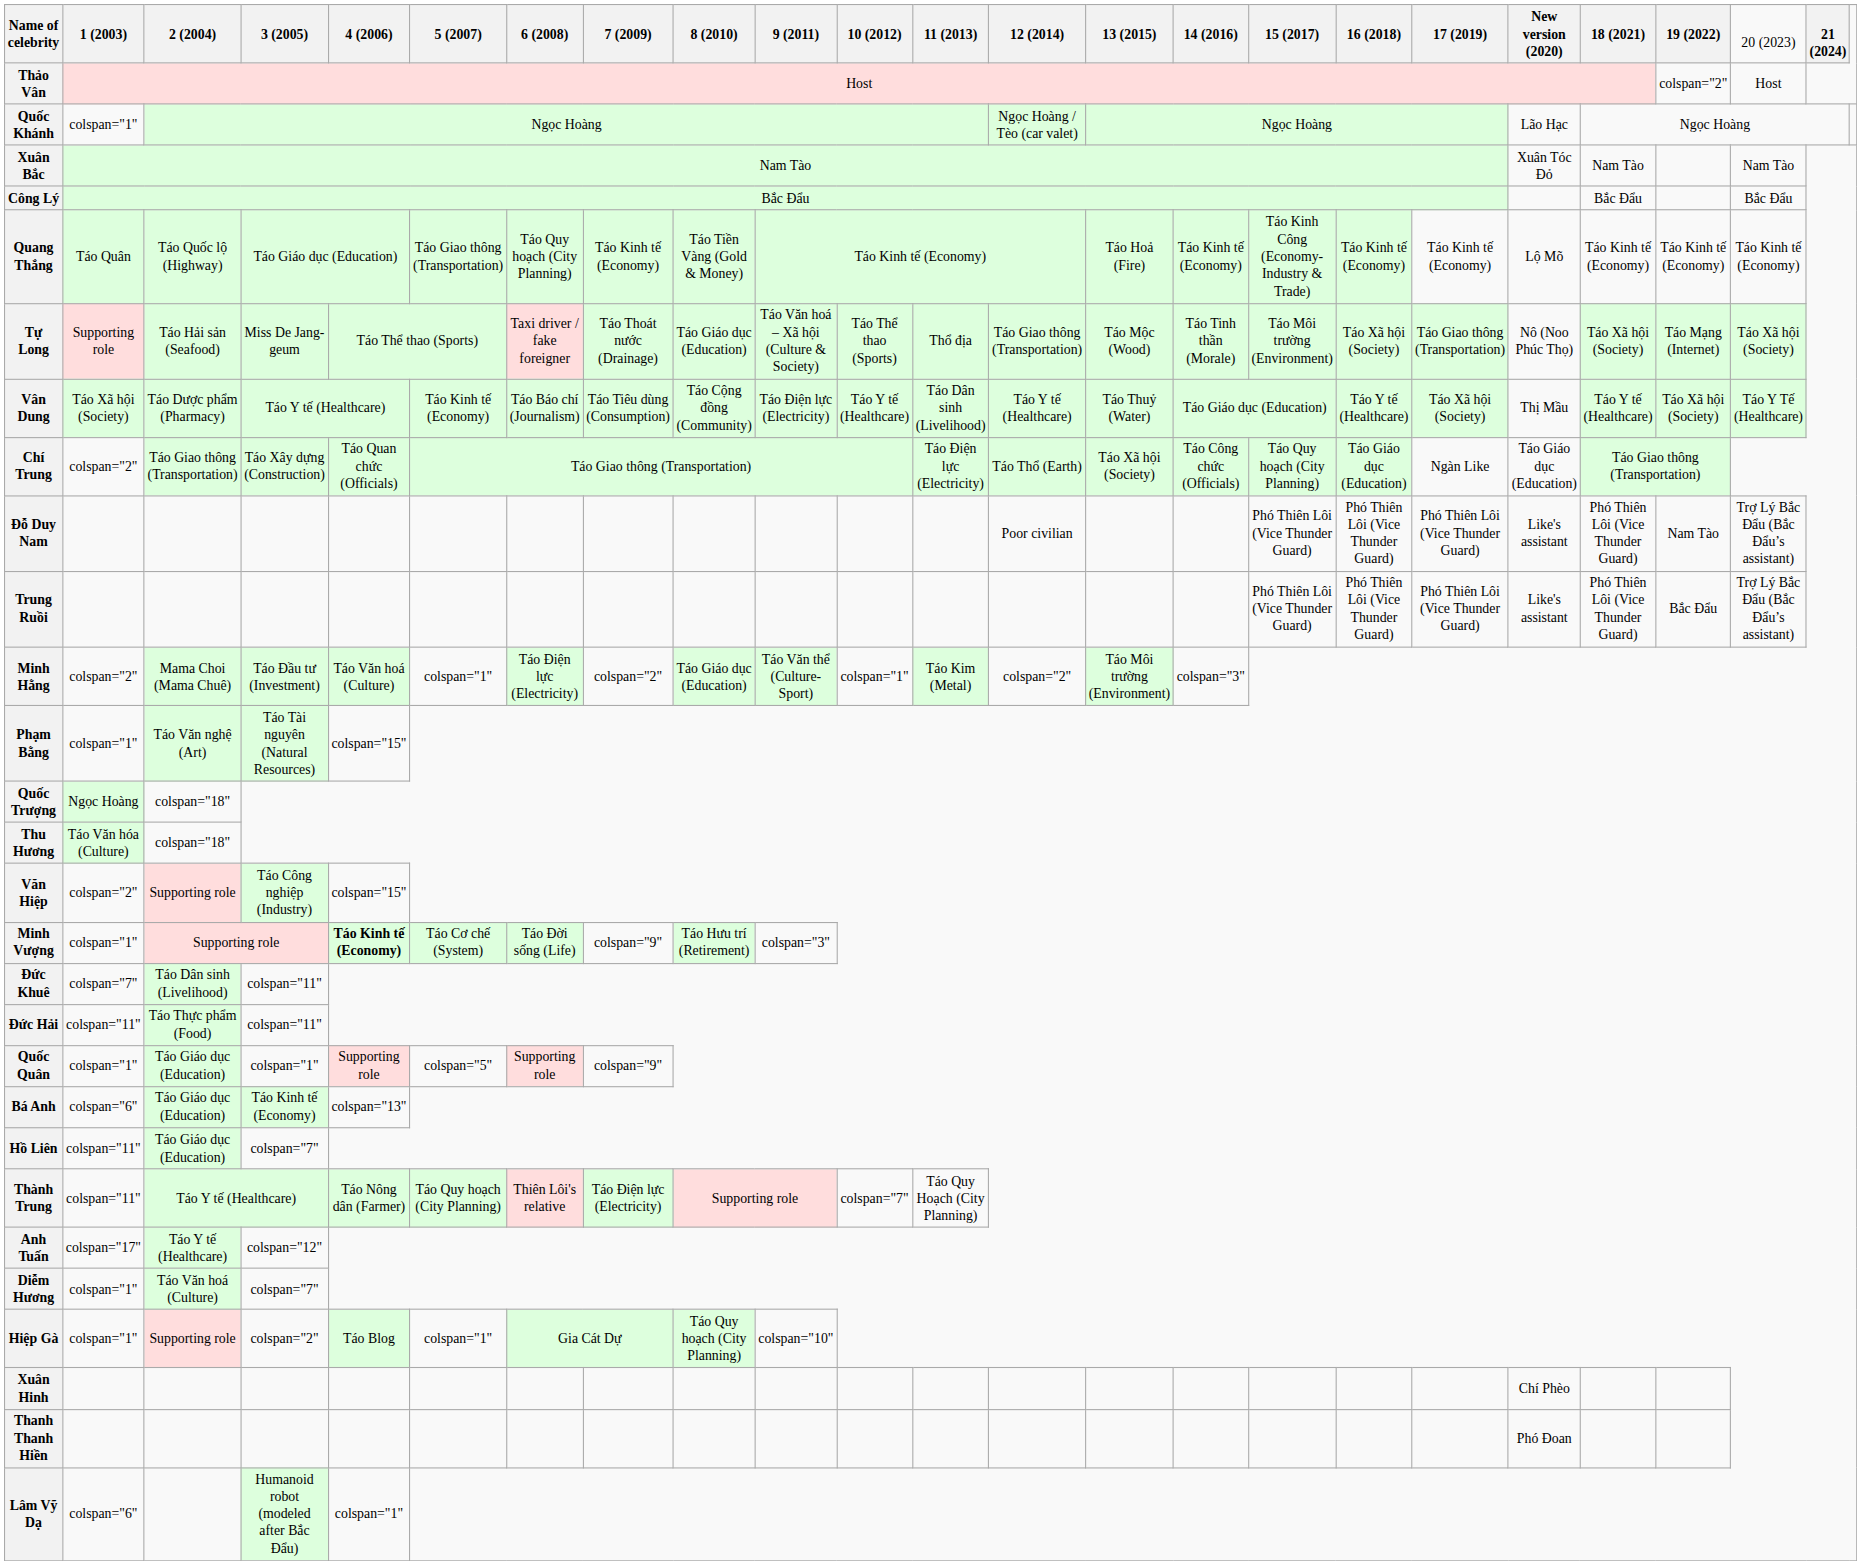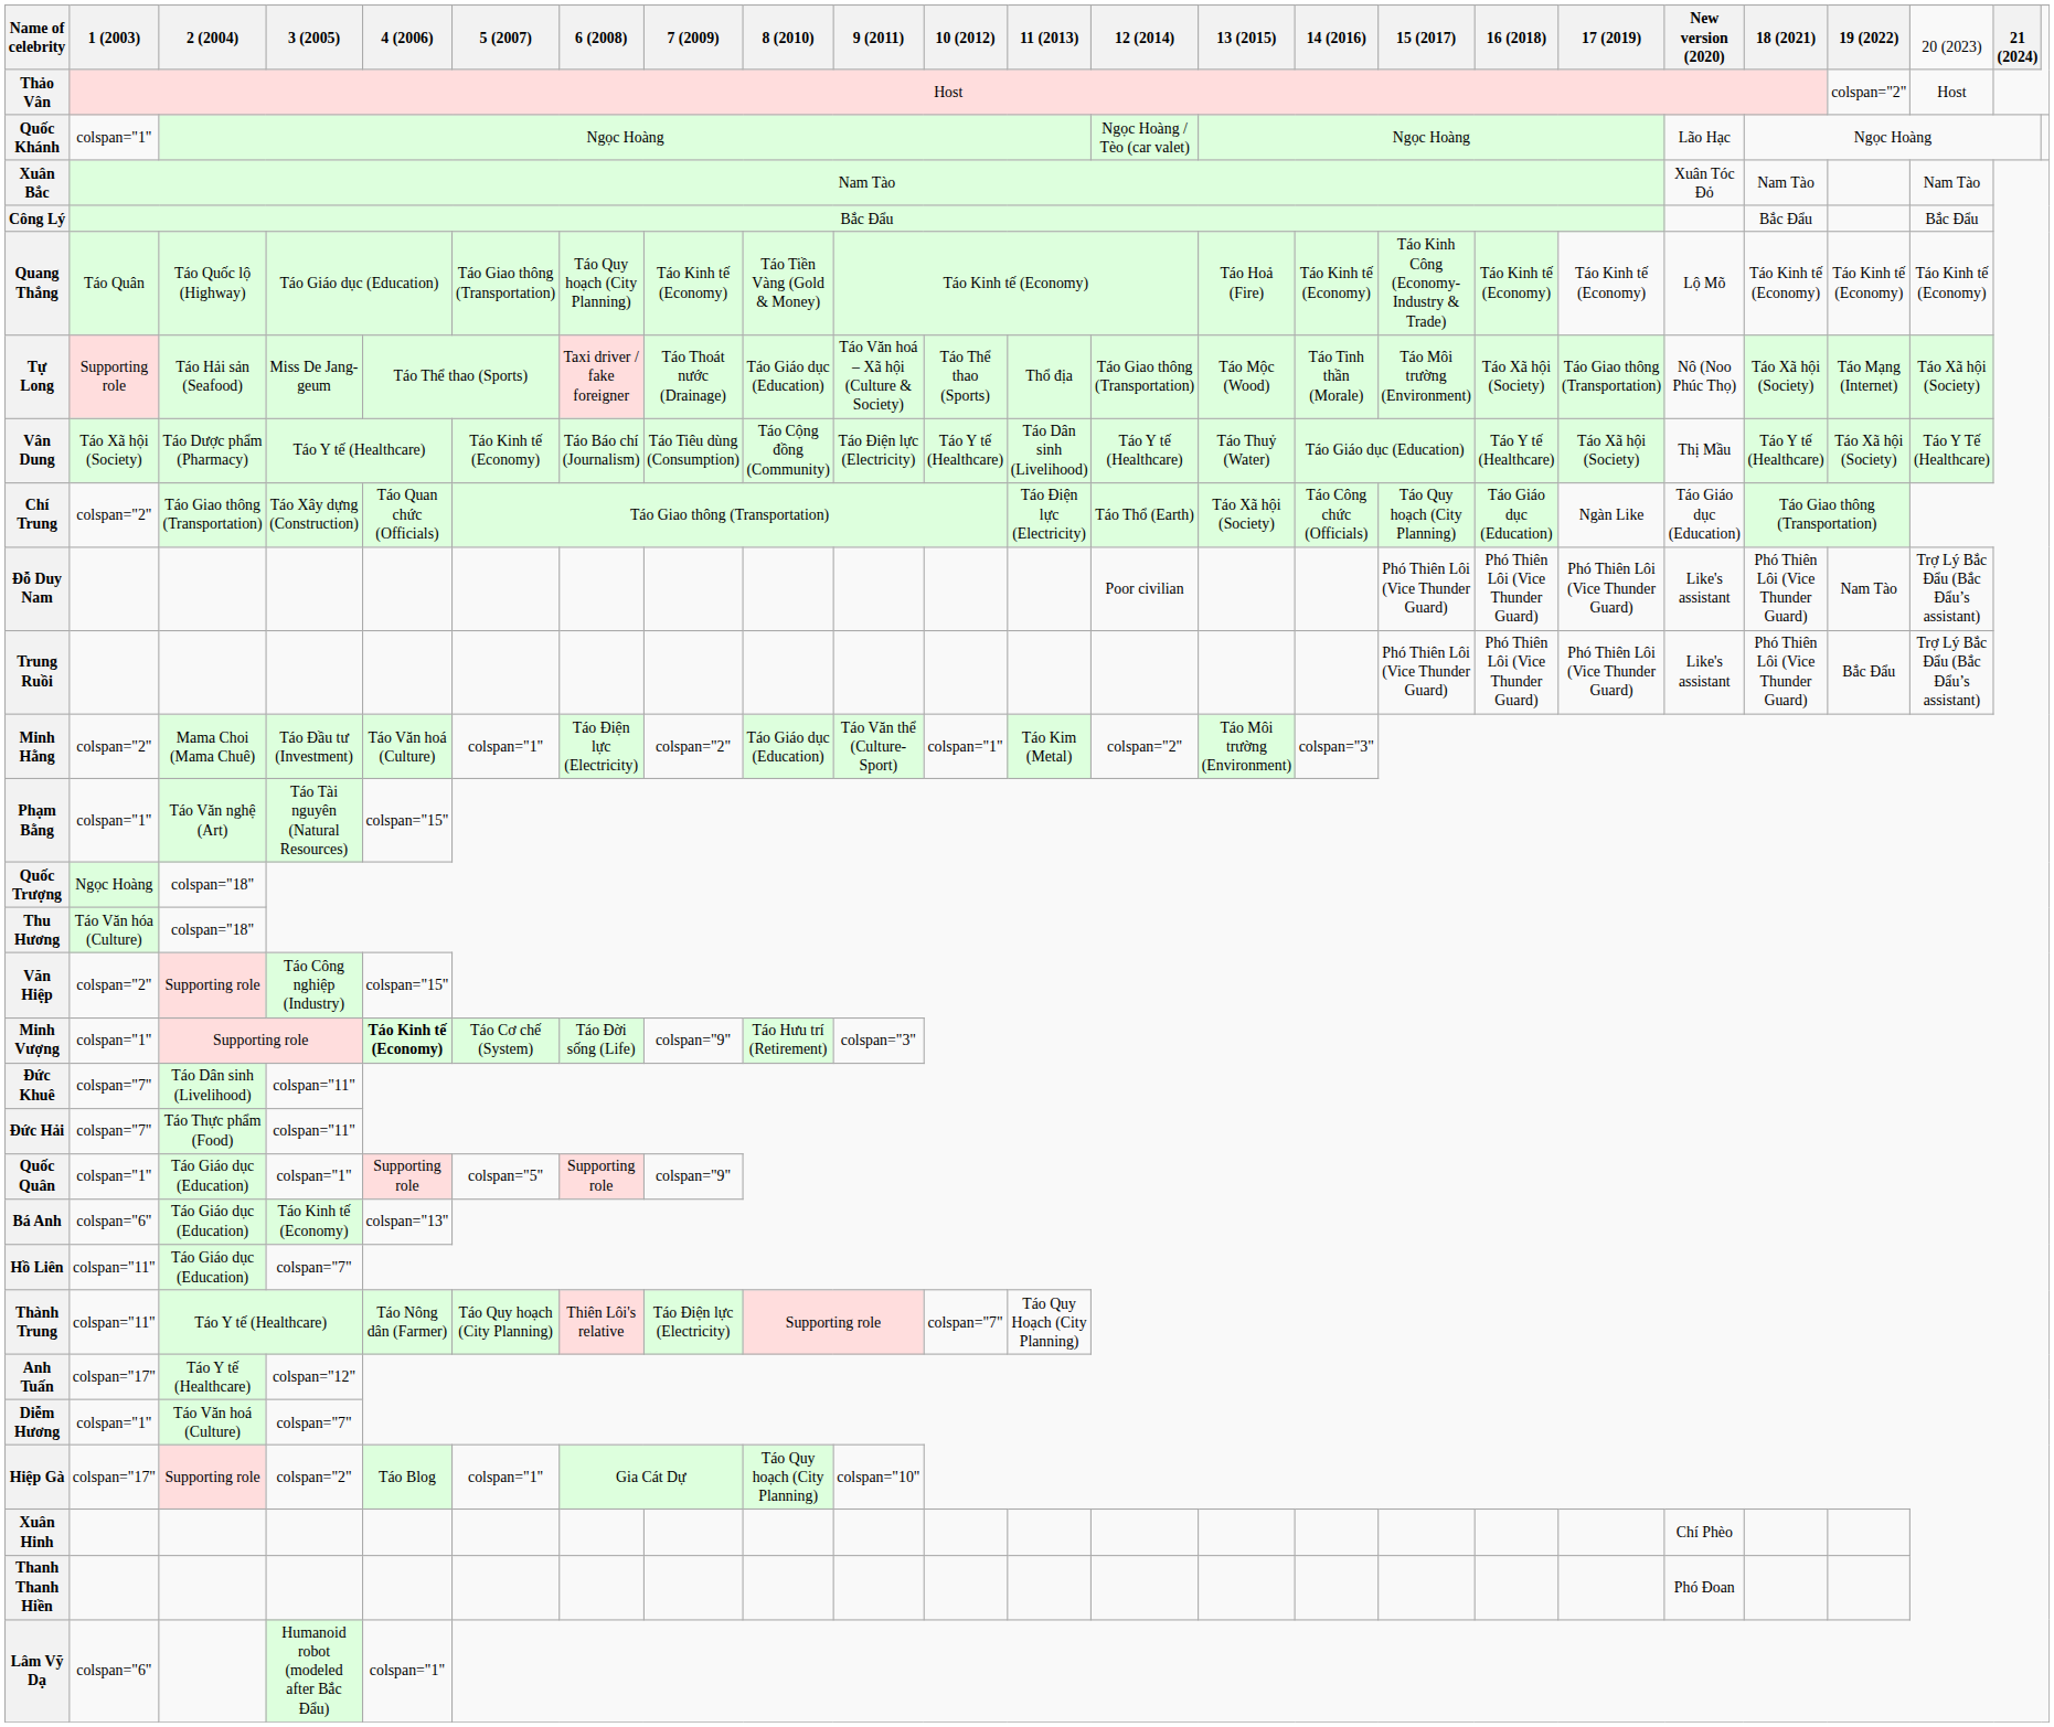 <table class="wikitable"  style="text-align:center; font-size:80%; line-height:16px; width:100%;">
 <tr>
 <th style="width:5%;" scope="col">Name of celebrity</th>
 <th style="width:5%;" scope="col">1 (2003)</th>
 <th style="width:5%;" scope="col">2 (2004)</th>
 <th style="width:5%;" scope="col">3 (2005)</th>
 <th style="width:5%;" scope="col">4 (2006)</th>
 <th style="width:5%;" scope="col">5 (2007)</th>
 <th style="width:5%;" scope="col">6 (2008)</th>
 <th style="width:5%;" scope="col">7 (2009)</th>
 <th style="width:5%;" scope="col">8 (2010)</th>
 <th style="width:5%;" scope="col">9 (2011)</th>
 <th style="width:5%;" scope="col">10 (2012)</th>
 <th style="width:5%;" scope="col">11 (2013)</th>
 <th style="width:5%;" scope="col">12 (2014)</th>
 <th style="width:5%;" scope="col">13 (2015)</th>
 <th style="width:5%;" scope="col">14 (2016)</th>
 <th style="width:5%;" scope="col">15 (2017)</th>
 <th style="width:5%;" scope="col">16 (2018)</th>
 <th style="width:5%;" scope="col">17 (2019)</th>
 <th>New version (2020)</th>
 <th style="width:5%;" scope="col">18 (2021)</th>
 <th style="width:5%;" scope="col">19 (2022)</th>
 <td style=“width:5%;” scope=“col”><br>20 (2023)</td>
 <th style=“width:5%;” scope=“col”><br>21 (2024)</th>
 </tr>
 <tr>
 <th>Thảo Vân</th>
 <td colspan="19" style="background:#fdd;">Host</td>
 <td>colspan="2" </td>
 <td>Host</td>
 </tr>
 <tr>
 <th>Quốc Khánh</th>
 <td>colspan="1" </td>
 <td style="background:#dfd;" colspan="10">Ngọc Hoàng</td>
 <td style="background:#dfd;">Ngọc Hoàng / Tèo (car valet)</td>
 <td colspan="5" style="background:#dfd;">Ngọc Hoàng</td>
 <td>Lão Hạc</td>
 <td colspan="4">Ngọc Hoàng</td>
 <td></td>
 </tr>
 <tr>
 <th>Xuân Bắc</th>
 <td colspan="17" style="background:#dfd;">Nam Tào</td>
 <td>Xuân Tóc Đỏ</td>
 <td Nam Tào>Nam Tào</td>
 <td></td>
 <td>Nam Tào</td>
 </tr>
 <tr>
 <th>Công Lý</th>
 <td colspan="17" style="background:#dfd;">Bắc Đẩu</td>
 <td></td>
 <td Bắc Đẩu>Bắc Đẩu</td>
 <td></td>
 <td>Bắc Đẩu</td>
 </tr>
 <tr>
 <th>Quang Thắng</th>
 <td style="background:#dfd;">Táo Quân</td>
 <td style="background:#dfd;">Táo Quốc lộ (Highway)</td>
 <td style="background:#dfd;" colspan="2">Táo Giáo dục (Education)</td>
 <td style="background:#dfd;">Táo Giao thông (Transportation)</td>
 <td style="background:#dfd;">Táo Quy hoạch (City Planning)</td>
 <td style="background:#dfd;">Táo Kinh tế (Economy)</td>
 <td style="background:#dfd;">Táo Tiền Vàng (Gold & Money)</td>
 <td style="background:#dfd;" colspan="4">Táo Kinh tế (Economy)</td>
 <td style="background:#dfd;">Táo Hoả (Fire)</td>
 <td style="background:#dfd;">Táo Kinh tế (Economy)</td>
 <td style="background:#dfd;">Táo Kinh Công (Economy-Industry & Trade)</td>
 <td style="background:#dfd;">Táo Kinh tế (Economy)</td>
 <td>Táo Kinh tế (Economy)</td>
 <td>Lộ Mõ</td>
 <td>Táo Kinh tế (Economy)</td>
 <td>Táo Kinh tế (Economy)</td>
 <td>Táo Kinh tế (Economy)</td>
 </tr>
 <tr>
 <th>Tự Long</th>
 <td style="background:#fdd;">Supporting role</td>
 <td style="background:#dfd;">Táo Hải sản (Seafood)</td>
 <td style="background:#dfd;">Miss De Jang-geum</td>
 <td style="background:#dfd;" colspan="2">Táo Thể thao (Sports)</td>
 <td style="background:#fdd;">Taxi driver / fake foreigner</td>
 <td style="background:#dfd;">Táo Thoát nước (Drainage)</td>
 <td style="background:#dfd;">Táo Giáo dục (Education)</td>
 <td style="background:#dfd;">Táo Văn hoá – Xã hội (Culture & Society)</td>
 <td style="background:#dfd;">Táo Thể thao (Sports)</td>
 <td style="background:#dfd;">Thổ địa</td>
 <td style="background:#dfd;">Táo Giao thông (Transportation)</td>
 <td style="background:#dfd;">Táo Mộc (Wood)</td>
 <td style="background:#dfd;">Táo Tinh thần (Morale)</td>
 <td style="background:#dfd;">Táo Môi trường (Environment)</td>
 <td style="background:#dfd;">Táo Xã hội (Society)</td>
 <td style="background:#dfd;">Táo Giao thông (Transportation)</td>
 <td>Nô (Noo Phúc Thọ)</td>
 <td style="background:#dfd;">Táo Xã hội (Society)</td>
 <td style="background:#dfd;">Táo Mạng (Internet)</td>
 <td style="background:#dfd;">Táo Xã hội (Society)</td>
 </tr>
 <tr>
 <th>Vân Dung</th>
 <td style="background:#dfd;">Táo Xã hội (Society)</td>
 <td style="background:#dfd;">Táo Dược phẩm (Pharmacy)</td>
 <td style="background:#dfd;" colspan="2">Táo Y tế (Healthcare)</td>
 <td style="background:#dfd;">Táo Kinh tế (Economy)</td>
 <td style="background:#dfd;">Táo Báo chí (Journalism)</td>
 <td style="background:#dfd;">Táo Tiêu dùng (Consumption)</td>
 <td style="background:#dfd;">Táo Cộng đồng (Community)</td>
 <td style="background:#dfd;">Táo Điện lực (Electricity)</td>
 <td style="background:#dfd;">Táo Y tế (Healthcare)</td>
 <td style="background:#dfd;">Táo Dân sinh (Livelihood)</td>
 <td style="background:#dfd;">Táo Y tế (Healthcare)</td>
 <td style="background:#dfd;">Táo Thuỷ (Water)</td>
 <td style="background:#dfd;" colspan="2">Táo Giáo dục (Education)</td>
 <td style="background:#dfd;">Táo Y tế (Healthcare)</td>
 <td style="background:#dfd;">Táo Xã hội (Society)</td>
 <td>Thị Mầu</td>
 <td style="background:#dfd;">Táo Y tế (Healthcare)</td>
 <td style="background:#dfd;">Táo Xã hội (Society)</td>
 <td style="background:#dfd;">Táo Y Tế (Healthcare)</td>
 </tr>
 <tr>
 <th>Chí Trung</th>
 <td>colspan="2" </td>
 <td style="background:#dfd;">Táo Giao thông (Transportation)</td>
 <td style="background:#dfd;">Táo Xây dựng (Construction)</td>
 <td style="background:#dfd;">Táo Quan chức (Officials)</td>
 <td style="background:#dfd;" colspan="6">Táo Giao thông (Transportation)</td>
 <td style="background:#dfd;">Táo Điện lực (Electricity)</td>
 <td style="background:#dfd;">Táo Thổ (Earth)</td>
 <td style="background:#dfd;">Táo Xã hội (Society)</td>
 <td style="background:#dfd;">Táo Công chức (Officials)</td>
 <td style="background:#dfd;">Táo Quy hoạch (City Planning)</td>
 <td style="background:#dfd;">Táo Giáo dục (Education)</td>
 <td>Ngàn Like</td>
 <td>Táo Giáo dục (Education)</td>
 <td colspan="2" style="background:#dfd;">Táo Giao thông (Transportation)</td>
 </tr>
 <tr>
 <th>Đỗ Duy Nam</th>
 <td></td>
 <td></td>
 <td></td>
 <td></td>
 <td></td>
 <td></td>
 <td></td>
 <td></td>
 <td></td>
 <td></td>
 <td></td>
 <td>Poor civilian</td>
 <td></td>
 <td></td>
 <td>Phó Thiên Lôi (Vice Thunder Guard)</td>
 <td>Phó Thiên Lôi (Vice Thunder Guard)</td>
 <td>Phó Thiên Lôi (Vice Thunder Guard)</td>
 <td>Like's assistant</td>
 <td>Phó Thiên Lôi (Vice Thunder Guard)</td>
 <td>Nam Tào</td>
 <td>Trợ Lý Bắc Đẩu (Bắc Đẩu’s assistant)</td>
 </tr>
 <tr>
 <th>Trung Ruồi</th>
 <td></td>
 <td></td>
 <td></td>
 <td></td>
 <td></td>
 <td></td>
 <td></td>
 <td></td>
 <td></td>
 <td></td>
 <td></td>
 <td></td>
 <td></td>
 <td></td>
 <td>Phó Thiên Lôi (Vice Thunder Guard)</td>
 <td>Phó Thiên Lôi (Vice Thunder Guard)</td>
 <td>Phó Thiên Lôi (Vice Thunder Guard)</td>
 <td>Like's assistant</td>
 <td>Phó Thiên Lôi (Vice Thunder Guard)</td>
 <td>Bắc Đẩu</td>
 <td>Trợ Lý Bắc Đẩu (Bắc Đẩu’s assistant)</td>
 </tr>
 <tr>
 <th>Minh Hằng</th>
 <td>colspan="2" </td>
 <td style="background:#dfd;">Mama Choi (Mama Chuê)</td>
 <td style="background:#dfd;">Táo Đầu tư (Investment)</td>
 <td style="background:#dfd;">Táo Văn hoá (Culture)</td>
 <td>colspan="1" </td>
 <td style="background:#dfd;">Táo Điện lực (Electricity)</td>
 <td>colspan="2" </td>
 <td style="background:#dfd;">Táo Giáo dục (Education)</td>
 <td style="background:#dfd;">Táo Văn thể (Culture-Sport)</td>
 <td>colspan="1" </td>
 <td style="background:#dfd;">Táo Kim (Metal)</td>
 <td>colspan="2" </td>
 <td style="background:#dfd;">Táo Môi trường (Environment)</td>
 <td>colspan="3" </td>
 </tr>
 <tr>
 <th>Phạm Bằng</th>
 <td>colspan="1" </td>
 <td style="background:#dfd;">Táo Văn nghệ (Art)</td>
 <td style="background:#dfd;">Táo Tài nguyên (Natural Resources)</td>
 <td>colspan="15" </td>
 </tr>
 <tr>
 <th>Quốc Trượng</th>
 <td style="background:#dfd;">Ngọc Hoàng</td>
 <td>colspan="18" </td>
 </tr>
 <tr>
 <th>Thu Hương</th>
 <td style="background:#dfd;">Táo Văn hóa (Culture)</td>
 <td>colspan="18" </td>
 </tr>
 <tr>
 <th>Văn Hiệp</th>
 <td>colspan="2" </td>
 <td style="background:#fdd;">Supporting role</td>
 <td style="background:#dfd;">Táo Công nghiệp (Industry)</td>
 <td>colspan="15" </td>
 </tr>
 <tr>
 <th>Minh Vượng</th>
 <td>colspan="1" </td>
 <td colspan="2" style="background:#fdd;">Supporting role</td>
 <td style="background:#dfd;"><strong>Táo Kinh tế (Economy)</strong></td>
 <td style="background:#dfd;">Táo Cơ chế (System)</td>
 <td style="background:#dfd;">Táo Đời sống (Life)</td>
 <td>colspan="9" </td>
 <td style="background:#dfd;">Táo Hưu trí (Retirement)</td>
 <td>colspan="3" </td>
 </tr>
 <tr>
 <th>Đức Khuê</th>
 <td>colspan="7" </td>
 <td style="background:#dfd;">Táo Dân sinh (Livelihood)</td>
 <td>colspan="11" </td>
 </tr>
 <tr>
 <th>Đức Hải</th>
-<td>colspan="11" </td>
+<td>colspan="7" </td>
 <td style="background:#dfd;">Táo Thực phẩm (Food)</td>
 <td>colspan="11" </td>
 </tr>
 <tr>
 <th>Quốc Quân</th>
 <td>colspan="1" </td>
 <td style="background:#dfd;">Táo Giáo dục (Education)</td>
 <td>colspan="1" </td>
 <td style="background:#fdd;">Supporting role</td>
 <td>colspan="5" </td>
 <td style="background:#fdd;">Supporting role</td>
 <td>colspan="9" </td>
 </tr>
 <tr>
 <th>Bá Anh</th>
 <td>colspan="6" </td>
 <td style="background:#dfd;">Táo Giáo dục (Education)</td>
 <td style="background:#dfd;">Táo Kinh tế (Economy)</td>
 <td>colspan="13" </td>
 </tr>
 <tr>
 <th>Hồ Liên</th>
 <td>colspan="11" </td>
 <td style="background:#dfd;">Táo Giáo dục (Education)</td>
 <td>colspan="7" </td>
 </tr>
 <tr>
 <th>Thành Trung</th>
 <td>colspan="11" </td>
 <td style="background:#dfd;" colspan="2">Táo Y tế (Healthcare)</td>
 <td style="background:#dfd;">Táo Nông dân (Farmer)</td>
 <td style="background:#dfd;">Táo Quy hoạch (City Planning)</td>
 <td style="background:#fdd;">Thiên Lôi's relative</td>
 <td style="background:#dfd;">Táo Điện lực (Electricity)</td>
 <td style="background:#fdd;" colspan="2">Supporting role</td>
 <td>colspan="7" </td>
 <td>Táo Quy Hoạch (City Planning)</td>
 </tr>
 <tr>
 <th>Anh Tuấn</th>
 <td>colspan="17" </td>
 <td style="background:#dfd;">Táo Y tế (Healthcare)</td>
 <td>colspan="12" </td>
 </tr>
 <tr>
 <th>Diễm Hương</th>
 <td>colspan="1" </td>
 <td style="background:#dfd;">Táo Văn hoá (Culture)</td>
 <td>colspan="7" </td>
 </tr>
 <tr>
 <th>Hiệp Gà</th>
-<td>colspan="1" </td>
+<td>colspan="17" </td>
 <td style="background:#fdd;">Supporting role</td>
 <td>colspan="2" </td>
 <td style="background:#dfd;">Táo Blog</td>
 <td>colspan="1" </td>
 <td style="background:#dfd;" colspan="2">Gia Cát Dự</td>
 <td style="background:#dfd;">Táo Quy hoạch (City Planning)</td>
 <td>colspan="10" </td>
 </tr>
 <tr>
 <th>Xuân Hinh</th>
 <td></td>
 <td></td>
 <td></td>
 <td></td>
 <td></td>
 <td></td>
 <td></td>
 <td></td>
 <td></td>
 <td></td>
 <td></td>
 <td></td>
 <td></td>
 <td></td>
 <td></td>
 <td></td>
 <td></td>
 <td>Chí Phèo</td>
 <td></td>
 <td></td>
 </tr>
 <tr>
 <th>Thanh Thanh Hiền</th>
 <td></td>
 <td></td>
 <td></td>
 <td></td>
 <td></td>
 <td></td>
 <td></td>
 <td></td>
 <td></td>
 <td></td>
 <td></td>
 <td></td>
 <td></td>
 <td></td>
 <td></td>
 <td></td>
 <td></td>
 <td>Phó Đoan</td>
 <td></td>
 <td></td>
 </tr>
 <tr>
 <th>Lâm Vỹ Dạ</th>
 <td>colspan="6" </td>
 <td></td>
 <td style="background:#dfd;">Humanoid robot (modeled after Bắc Đẩu)</td>
 <td>colspan="1" </td>
 </tr>
 </table>
